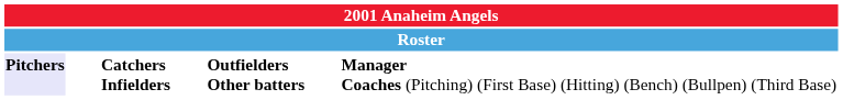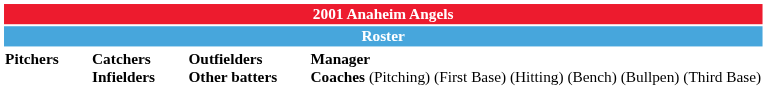 <table class="toccolours" style="font-size: 95%;">
 <tr>
 <th colspan="10" style="background-color: #ED1B2E; color: white; text-align: center;">2001 Anaheim Angels</th>
 </tr>
 <tr>
 <td colspan="10" style="background-color:#47A6DC; color: white; text-align: center;"><strong>Roster</strong></td>
 </tr>
 <tr>
-<td valign="top" style="background: lavender;"><strong>Pitchers</strong><br>                 </td>
+<td valign="top"><strong>Pitchers</strong><br>                 </td>
 <td width="25px"></td>
 <td valign="top"><strong>Catchers</strong><br>     <strong>Infielders</strong>         </td>
 <td width="25px"></td>
 <td valign="top"><strong>Outfielders</strong><br>     <strong>Other batters</strong> </td>
 <td width="25px"></td>
 <td valign="top"><strong>Manager</strong><br> <strong>Coaches</strong>  (Pitching)  (First Base)  (Hitting)  (Bench)  (Bullpen)  (Third Base)</td>
 </tr>
 </table>
